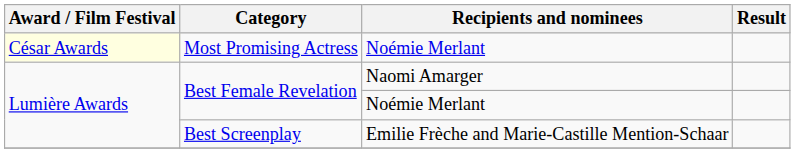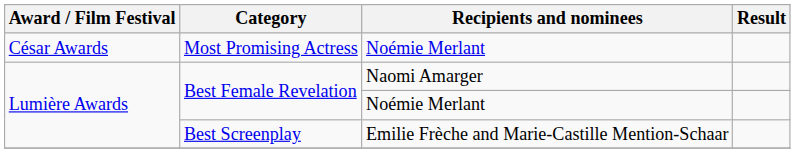 <table class="wikitable plainrowheaders sortable">
 <tr style="background:#ccc; text-align:center;">
 <th scope="col">Award / Film Festival</th>
 <th scope="col">Category</th>
 <th scope="col">Recipients and nominees</th>
 <th scope="col">Result</th>
 </tr>
 <tr>
-<td style="background: lightyellow;"><a href='#'>César Awards</a></td>
+<td><a href='#'>César Awards</a></td>
 <td><a href='#'>Most Promising Actress</a></td>
 <td><a href='#'>Noémie Merlant</a></td>
 <td></td>
 </tr>
 <tr>
 <td rowspan=3><a href='#'>Lumière Awards</a></td>
 <td rowspan=2><a href='#'>Best Female Revelation</a></td>
 <td>Naomi Amarger</td>
 <td></td>
 </tr>
 <tr>
 <td>Noémie Merlant</td>
 <td></td>
 </tr>
 <tr>
 <td><a href='#'>Best Screenplay</a></td>
 <td>Emilie Frèche and Marie-Castille Mention-Schaar</td>
 <td></td>
 </tr>
 <tr>
 </tr>
 </table>
